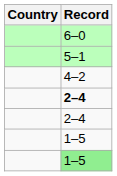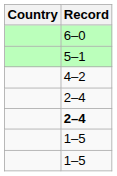 <table class="wikitable">
 <tr>
 <th>Country</th>
 <th>Record</th>
 </tr>
 <tr bgcolor=#bbffbb>
 <td><strong></strong></td>
 <td>6–0</td>
 </tr>
 <tr bgcolor=#bbffbb>
 <td><strong></strong></td>
 <td>5–1</td>
 </tr>
 <tr>
 <td><strong></strong></td>
 <td>4–2</td>
 </tr>
 <tr>
 <td><strong></strong></td>
-<td><strong>2–4</strong></td>
+<td>2–4</td>
 </tr>
 <tr>
 <td><strong></strong></td>
-<td>2–4</td>
+<td><strong>2–4</strong></td>
 </tr>
 <tr>
 <td><strong></strong></td>
 <td>1–5</td>
 </tr>
 <tr>
 <td><strong></strong></td>
-<td style="background: lightgreen;">1–5</td>
+<td>1–5</td>
 </tr>
 </table>
